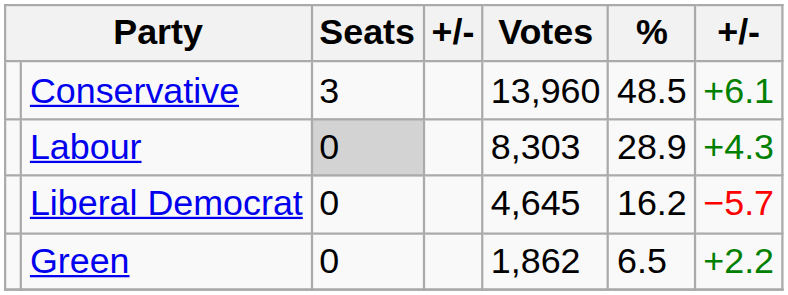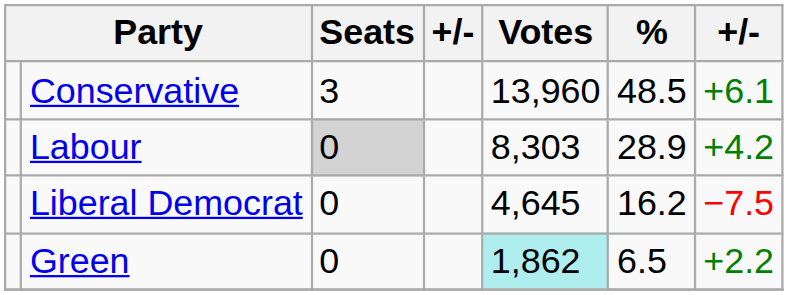 <table class="wikitable">
 <tr>
 <th colspan="2">Party</th>
 <th>Seats</th>
 <th>+/-</th>
 <th>Votes</th>
 <th>%</th>
 <th>+/-</th>
 </tr>
 <tr>
 <td style="background-color: "></td>
 <td><a href='#'>Conservative</a></td>
 <td>3</td>
 <td></td>
 <td>13,960</td>
 <td>48.5</td>
 <td style="color:green">+6.1</td>
 </tr>
 <tr>
 <td style="background-color: "></td>
 <td><a href='#'>Labour</a></td>
 <td style="background: lightgrey;">0</td>
 <td></td>
 <td>8,303</td>
 <td>28.9</td>
-<td style="color:green">+4.3</td>
+<td style="color:green">+4.2</td>
 </tr>
 <tr>
 <td style="background-color: "></td>
 <td><a href='#'>Liberal Democrat</a></td>
 <td>0</td>
 <td></td>
 <td>4,645</td>
 <td>16.2</td>
-<td style="color:red">−5.7</td>
+<td style="color:red">−7.5</td>
 </tr>
 <tr>
 <td style="background-color: "></td>
 <td><a href='#'>Green</a></td>
 <td>0</td>
 <td></td>
-<td>1,862</td>
+<td style="background: paleturquoise;">1,862</td>
 <td>6.5</td>
 <td style="color:green">+2.2</td>
 </tr>
 <tr>
 </tr>
 </table>
